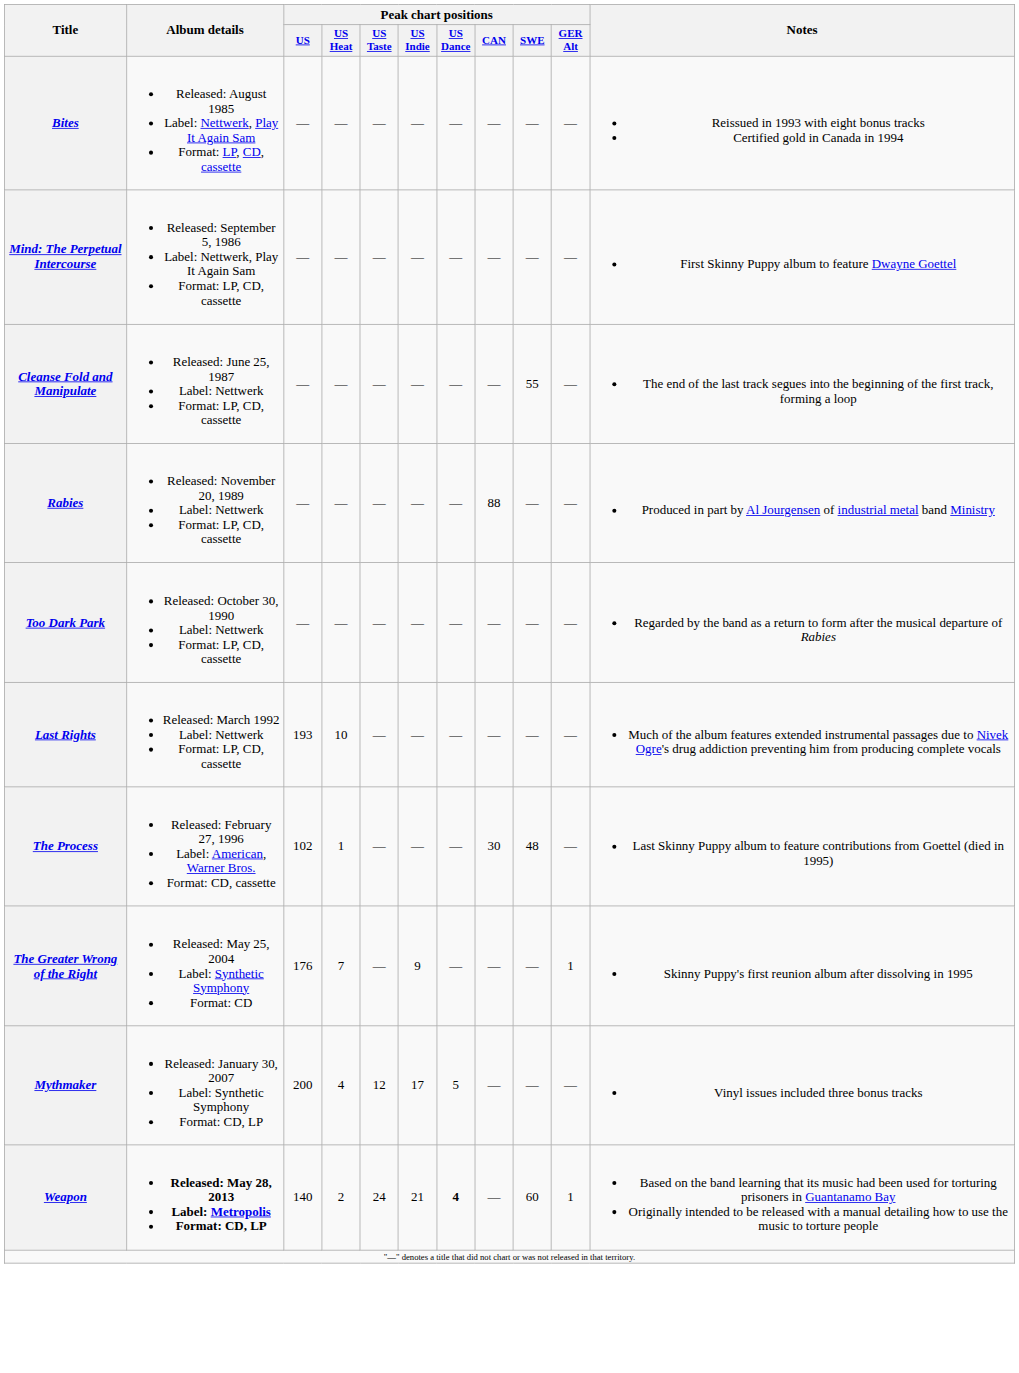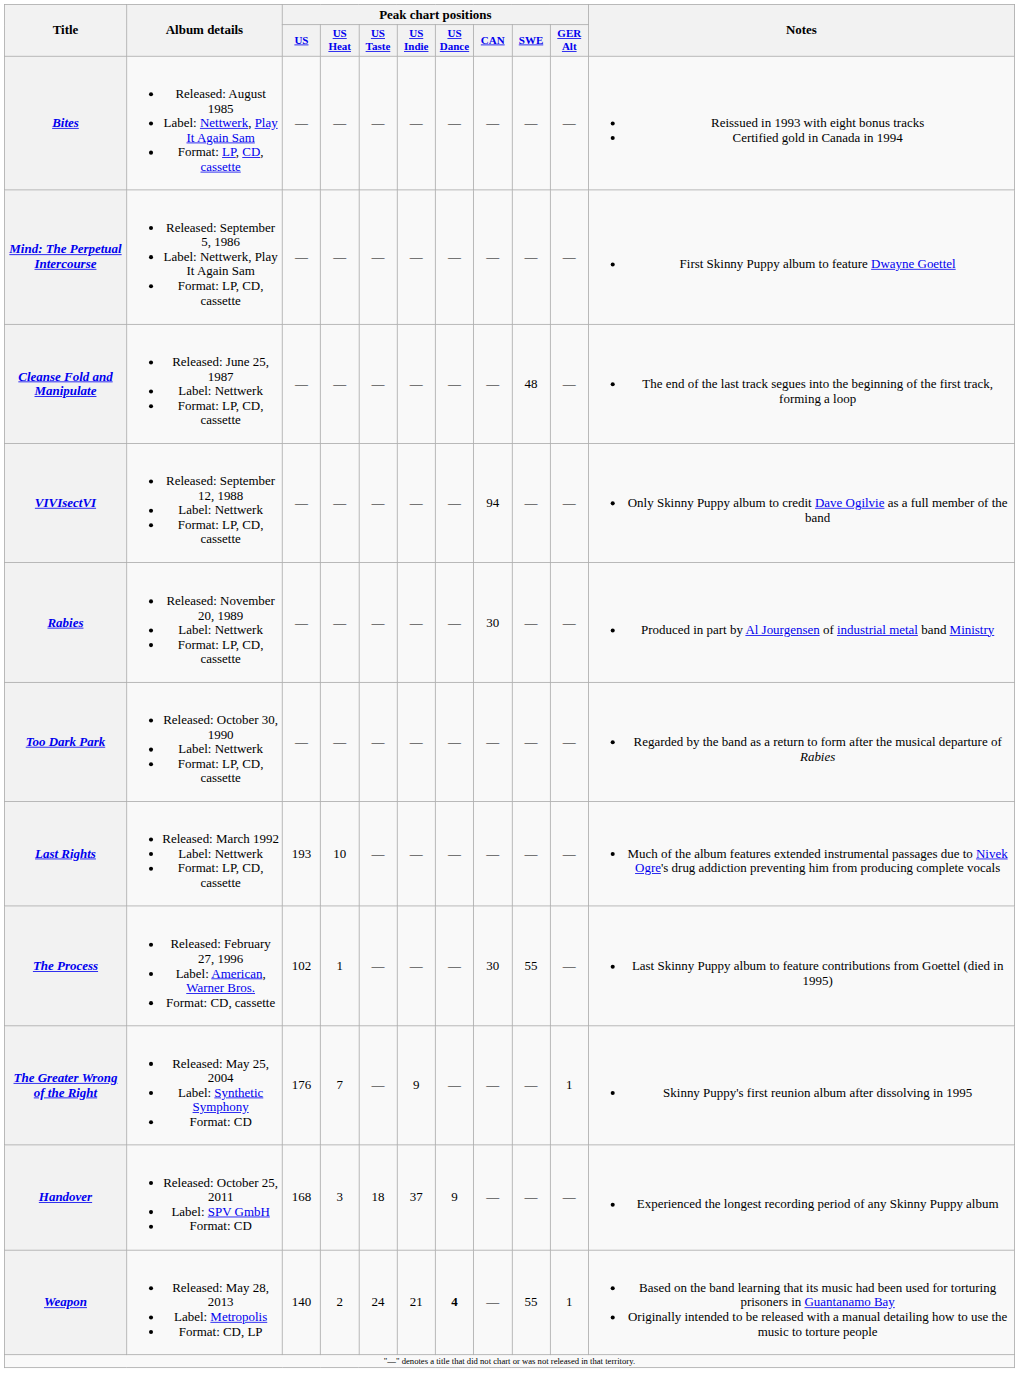 <table class="wikitable plainrowheaders" style="text-align:center;">
 <tr>
 <th scope="col" rowspan="2" style=width="20%">Title</th>
 <th scope="col" rowspan="2" style=width="25%">Album details</th>
 <th scope="col" colspan="8">Peak chart positions</th>
 <th scope="col" rowspan="2" style=width="50%">Notes</th>
 </tr>
 <tr>
 <th scope="col" style="width:3em;font-size:85%;"><a href='#'>US</a><br></th>
 <th scope="col" style="width:3em;font-size:85%;"><a href='#'>US Heat</a><br></th>
 <th scope="col" style="width:3em;font-size:85%;"><a href='#'>US Taste</a><br></th>
 <th scope="col" style="width:3em;font-size:85%;"><a href='#'>US Indie</a><br></th>
 <th scope="col" style="width:3em;font-size:85%;"><a href='#'>US Dance</a><br></th>
 <th scope="col" style="width:3em;font-size:85%;"><a href='#'>CAN</a><br></th>
 <th scope="col" style="width:3em;font-size:85%;"><a href='#'>SWE</a><br></th>
 <th scope="col" style="width:3em;font-size:85%;"><a href='#'>GER<br>Alt</a><br></th>
 </tr>
 <tr>
 <th scope="row"><em><a href='#'>Bites</a></em></th>
 <td><br><ul><li>Released: August 1985</li><li>Label: <a href='#'>Nettwerk</a>, <a href='#'>Play It Again Sam</a></li><li>Format: <a href='#'>LP</a>, <a href='#'>CD</a>, <a href='#'>cassette</a></li></ul></td>
 <td>—</td>
 <td>—</td>
 <td>—</td>
 <td>—</td>
 <td>—</td>
 <td>—</td>
 <td>—</td>
 <td>—</td>
 <td><br><ul><li>Reissued in 1993 with eight bonus tracks</li><li>Certified gold in Canada in 1994</li></ul></td>
 </tr>
 <tr>
 <th scope="row"><em><a href='#'>Mind: The Perpetual Intercourse</a></em></th>
 <td><br><ul><li>Released: September 5, 1986</li><li>Label: Nettwerk, Play It Again Sam</li><li>Format: LP, CD, cassette</li></ul></td>
 <td>—</td>
 <td>—</td>
 <td>—</td>
 <td>—</td>
 <td>—</td>
 <td>—</td>
 <td>—</td>
 <td>—</td>
 <td><br><ul><li>First Skinny Puppy album to feature <a href='#'>Dwayne Goettel</a></li></ul></td>
 </tr>
 <tr>
 <th scope="row"><em><a href='#'>Cleanse Fold and Manipulate</a></em></th>
 <td><br><ul><li>Released: June 25, 1987</li><li>Label: Nettwerk</li><li>Format: LP, CD, cassette</li></ul></td>
 <td>—</td>
 <td>—</td>
 <td>—</td>
 <td>—</td>
 <td>—</td>
 <td>—</td>
-<td>55<br></td>
+<td>48</td>
 <td>—</td>
 <td><br><ul><li>The end of the last track segues into the beginning of the first track, forming a loop</li></ul></td>
+</tr>
+<tr>
+<th scope="row"><em><a href='#'>VIVIsectVI</a></em></th>
+<td><br><ul><li>Released: September 12, 1988</li><li>Label: Nettwerk</li><li>Format: LP, CD, cassette</li></ul></td>
+<td>—</td>
+<td>—</td>
+<td>—</td>
+<td>—</td>
+<td>—</td>
+<td>94</td>
+<td>—</td>
+<td>—</td>
+<td><br><ul><li>Only Skinny Puppy album to credit <a href='#'>Dave Ogilvie</a> as a full member of the band</li></ul></td>
 </tr>
 <tr>
 <th scope="row"><em><a href='#'>Rabies</a></em></th>
 <td><br><ul><li>Released: November 20, 1989</li><li>Label: Nettwerk</li><li>Format: LP, CD, cassette</li></ul></td>
 <td>—</td>
 <td>—</td>
 <td>—</td>
 <td>—</td>
 <td>—</td>
-<td>88</td>
+<td>30</td>
 <td>—</td>
 <td>—</td>
 <td><br><ul><li>Produced in part by <a href='#'>Al Jourgensen</a> of <a href='#'>industrial metal</a> band <a href='#'>Ministry</a></li></ul></td>
 </tr>
 <tr>
 <th scope="row"><em><a href='#'>Too Dark Park</a></em></th>
 <td><br><ul><li>Released: October 30, 1990</li><li>Label: Nettwerk</li><li>Format: LP, CD, cassette</li></ul></td>
 <td>—</td>
 <td>—</td>
 <td>—</td>
 <td>—</td>
 <td>—</td>
 <td>—</td>
 <td>—</td>
 <td>—</td>
 <td><br><ul><li>Regarded by the band as a return to form after the musical departure of <em>Rabies</em></li></ul></td>
 </tr>
 <tr>
 <th scope="row"><em><a href='#'>Last Rights</a></em></th>
 <td><br><ul><li>Released: March 1992</li><li>Label: Nettwerk</li><li>Format: LP, CD, cassette</li></ul></td>
 <td>193</td>
 <td>10</td>
 <td>—</td>
 <td>—</td>
 <td>—</td>
 <td>—</td>
 <td>—</td>
 <td>—</td>
 <td><br><ul><li>Much of the album features extended instrumental passages due to <a href='#'>Nivek Ogre</a>'s drug addiction preventing him from producing complete vocals</li></ul></td>
 </tr>
 <tr>
 <th scope="row"><em><a href='#'>The Process</a></em></th>
 <td><br><ul><li>Released: February 27, 1996</li><li>Label: <a href='#'>American</a>, <a href='#'>Warner Bros.</a></li><li>Format: CD, cassette</li></ul></td>
 <td>102</td>
 <td>1</td>
 <td>—</td>
 <td>—</td>
 <td>—</td>
 <td>30</td>
-<td>48</td>
+<td>55<br></td>
 <td>—</td>
 <td><br><ul><li>Last Skinny Puppy album to feature contributions from Goettel (died in 1995)</li></ul></td>
 </tr>
 <tr>
 <th scope="row"><em><a href='#'>The Greater Wrong of the Right</a></em></th>
 <td><br><ul><li>Released: May 25, 2004</li><li>Label: <a href='#'>Synthetic Symphony</a></li><li>Format: CD</li></ul></td>
 <td>176</td>
 <td>7</td>
 <td>—</td>
 <td>9</td>
 <td>—</td>
 <td>—</td>
 <td>—</td>
 <td>1</td>
 <td><br><ul><li>Skinny Puppy's first reunion album after dissolving in 1995</li></ul></td>
 </tr>
 <tr>
-<th scope="row"><em><a href='#'>Mythmaker</a></em></th>
-<td><br><ul><li>Released: January 30, 2007</li><li>Label: Synthetic Symphony</li><li>Format: CD, LP</li></ul></td>
-<td>200</td>
-<td>4</td>
-<td>12</td>
-<td>17</td>
-<td>5</td>
+<th scope="row"><em><a href='#'>Handover</a></em></th>
+<td><br><ul><li>Released: October 25, 2011</li><li>Label: <a href='#'>SPV GmbH</a></li><li>Format: CD</li></ul></td>
+<td>168</td>
+<td>3</td>
+<td>18</td>
+<td>37</td>
+<td>9</td>
 <td>—</td>
 <td>—</td>
 <td>—</td>
-<td><br><ul><li>Vinyl issues included three bonus tracks</li></ul></td>
+<td><br><ul><li>Experienced the longest recording period of any Skinny Puppy album</li></ul></td>
 </tr>
 <tr>
 <th scope="row"><em><a href='#'>Weapon</a></em></th>
-<td><strong><br><ul><li>Released: May 28, 2013</li><li>Label: <a href='#'>Metropolis</a></li><li>Format: CD, LP</li></ul></strong></td>
+<td><br><ul><li>Released: May 28, 2013</li><li>Label: <a href='#'>Metropolis</a></li><li>Format: CD, LP</li></ul></td>
 <td>140</td>
 <td>2</td>
 <td>24</td>
 <td>21</td>
 <td><strong>4</strong></td>
 <td>—</td>
-<td>60</td>
+<td>55<br></td>
 <td>1</td>
 <td><br><ul><li>Based on the band learning that its music had been used for torturing prisoners in <a href='#'>Guantanamo Bay</a></li><li>Originally intended to be released with a manual detailing how to use the music to torture people</li></ul></td>
 </tr>
 <tr>
 <td colspan="11" style="font-size: 8pt" align="center">"—" denotes a title that did not chart or was not released in that territory.</td>
 </tr>
 </table>
